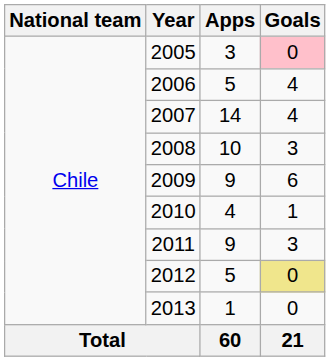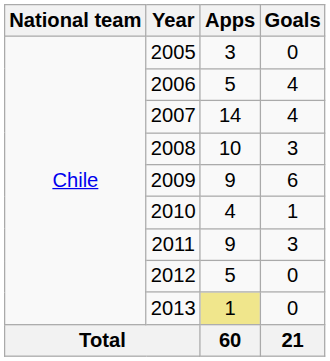 <table class="wikitable" style="text-align:center">
 <tr>
 <th>National team</th>
 <th>Year</th>
 <th>Apps</th>
 <th>Goals</th>
 </tr>
 <tr>
 <td rowspan="9"><a href='#'>Chile</a></td>
 <td>2005</td>
 <td>3</td>
-<td style="background: pink;">0</td>
+<td>0</td>
 </tr>
 <tr>
 <td>2006</td>
 <td>5</td>
 <td>4</td>
 </tr>
 <tr>
 <td>2007</td>
 <td>14</td>
 <td>4</td>
 </tr>
 <tr>
 <td>2008</td>
 <td>10</td>
 <td>3</td>
 </tr>
 <tr>
 <td>2009</td>
 <td>9</td>
 <td>6</td>
 </tr>
 <tr>
 <td>2010</td>
 <td>4</td>
 <td>1</td>
 </tr>
 <tr>
 <td>2011</td>
 <td>9</td>
 <td>3</td>
 </tr>
 <tr>
 <td>2012</td>
 <td>5</td>
-<td style="background: khaki;">0</td>
+<td>0</td>
 </tr>
 <tr>
 <td>2013</td>
-<td>1</td>
+<td style="background: khaki;">1</td>
 <td>0</td>
 </tr>
 <tr>
 <th colspan="2">Total</th>
 <th>60</th>
 <th>21</th>
 </tr>
 </table>
